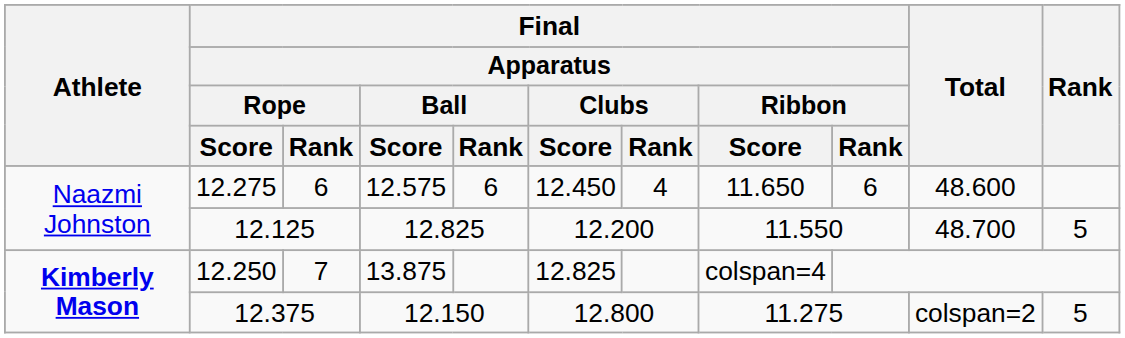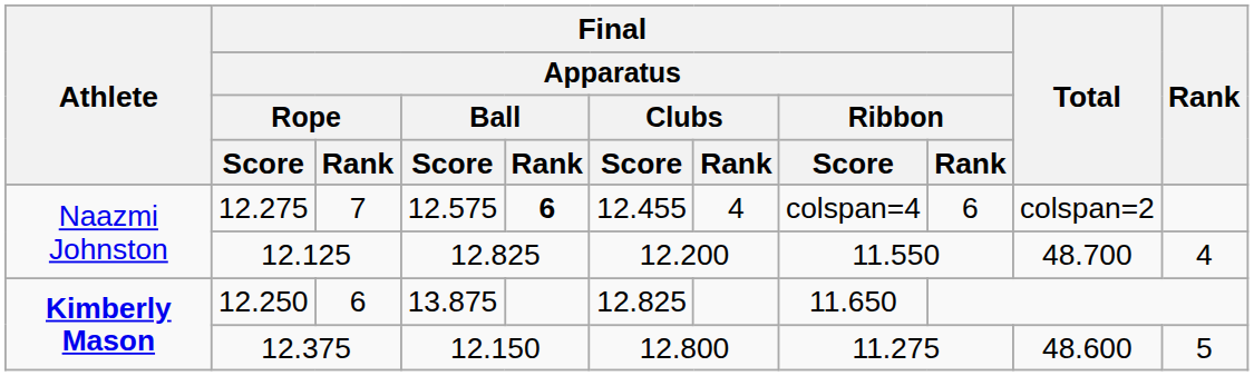 <table class="wikitable" style="font-size:90%;text-align:center">
 <tr>
 <th Rowspan=4>Athlete</th>
 <th colspan=8>Final</th>
 <th rowspan=4>Total</th>
 <th rowspan=4>Rank</th>
 </tr>
 <tr style="font-size:95%">
 <th colspan = "8">Apparatus</th>
 </tr>
 <tr style="font-size:95%">
 <th colspan=2>Rope</th>
 <th colspan=2>Ball</th>
 <th colspan=2>Clubs</th>
 <th colspan=2>Ribbon</th>
 </tr>
 <tr>
 <th>Score</th>
 <th>Rank</th>
 <th>Score</th>
 <th>Rank</th>
 <th>Score</th>
 <th>Rank</th>
 <th>Score</th>
 <th>Rank</th>
 </tr>
 <tr>
 <td rowspan=2><a href='#'>Naazmi Johnston</a></td>
 <td>12.275</td>
+<td>7</td>
+<td>12.575</td>
+<td><strong>6</strong></td>
+<td>12.455</td>
+<td>4</td>
+<td>colspan=4 </td>
 <td>6</td>
-<td>12.575</td>
-<td>6</td>
-<td>12.450</td>
-<td>4</td>
-<td>11.650</td>
-<td>6</td>
-<td>48.600</td>
+<td>colspan=2 </td>
 </tr>
 <tr>
 <td colspan=2>12.125</td>
 <td colspan=2>12.825</td>
 <td colspan=2>12.200</td>
 <td colspan=2>11.550</td>
 <td>48.700</td>
-<td>5</td>
+<td>4</td>
 </tr>
 <tr>
 <td rowspan=2><strong><a href='#'>Kimberly Mason</a></strong></td>
 <td>12.250</td>
-<td>7</td>
+<td>6</td>
 <td>13.875</td>
 <td></td>
 <td>12.825</td>
 <td></td>
-<td>colspan=4 </td>
+<td>11.650</td>
 </tr>
 <tr>
 <td colspan=2>12.375</td>
 <td colspan=2>12.150</td>
 <td colspan=2>12.800</td>
 <td colspan=2>11.275</td>
-<td>colspan=2 </td>
+<td>48.600</td>
 <td>5</td>
 </tr>
 </table>
